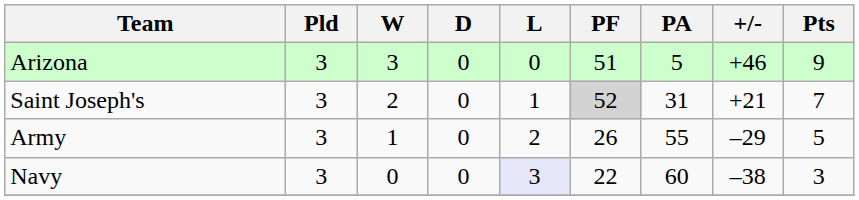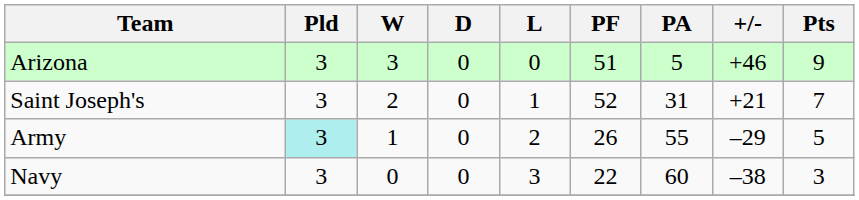 <table class="wikitable" style="text-align: center;">
 <tr>
 <th width="180">Team</th>
 <th width="40">Pld</th>
 <th width="40">W</th>
 <th width="40">D</th>
 <th width="40">L</th>
 <th width="40">PF</th>
 <th width="40">PA</th>
 <th width="40">+/-</th>
 <th width="40">Pts</th>
 </tr>
 <tr bgcolor=#ccffcc>
 <td align="left">Arizona</td>
 <td>3</td>
 <td>3</td>
 <td>0</td>
 <td>0</td>
 <td>51</td>
 <td>5</td>
 <td>+46</td>
 <td>9</td>
 </tr>
 <tr>
 <td align="left">Saint Joseph's</td>
 <td>3</td>
 <td>2</td>
 <td>0</td>
 <td>1</td>
-<td style="background: lightgrey;">52</td>
+<td>52</td>
 <td>31</td>
 <td>+21</td>
 <td>7</td>
 </tr>
 <tr>
 <td align="left">Army</td>
-<td>3</td>
+<td style="background: paleturquoise;">3</td>
 <td>1</td>
 <td>0</td>
 <td>2</td>
 <td>26</td>
 <td>55</td>
 <td>–29</td>
 <td>5</td>
 </tr>
 <tr>
 <td align="left">Navy</td>
 <td>3</td>
 <td>0</td>
 <td>0</td>
-<td style="background: lavender;">3</td>
+<td>3</td>
 <td>22</td>
 <td>60</td>
 <td>–38</td>
 <td>3</td>
 </tr>
 <tr>
 </tr>
 </table>
